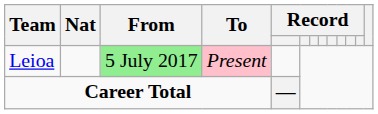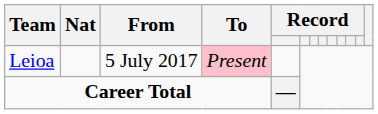 <table class="wikitable" style="text-align: center">
 <tr>
 <th rowspan="2">Team</th>
 <th rowspan="2">Nat</th>
 <th rowspan="2">From</th>
 <th rowspan="2">To</th>
 <th colspan="8">Record</th>
 <th rowspan=2></th>
 </tr>
 <tr>
 <th></th>
 <th></th>
 <th></th>
 <th></th>
 <th></th>
 <th></th>
 <th></th>
 <th></th>
 </tr>
 <tr>
 <td align="left"><a href='#'>Leioa</a></td>
 <td></td>
-<td align=left style="background: lightgreen;">5 July 2017</td>
+<td align=left>5 July 2017</td>
 <td align=left style="background: pink;"><em>Present</em><br></td>
 <td></td>
 </tr>
 <tr>
 <td colspan=4><strong>Career Total</strong><br></td>
 <th>—</th>
 </tr>
 </table>
